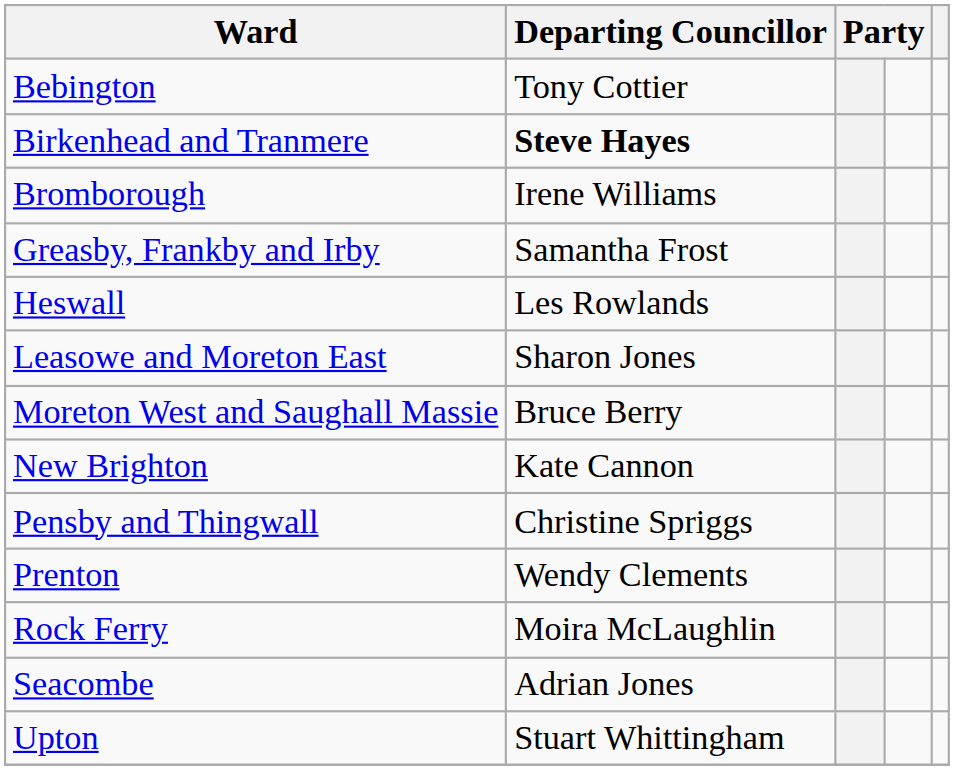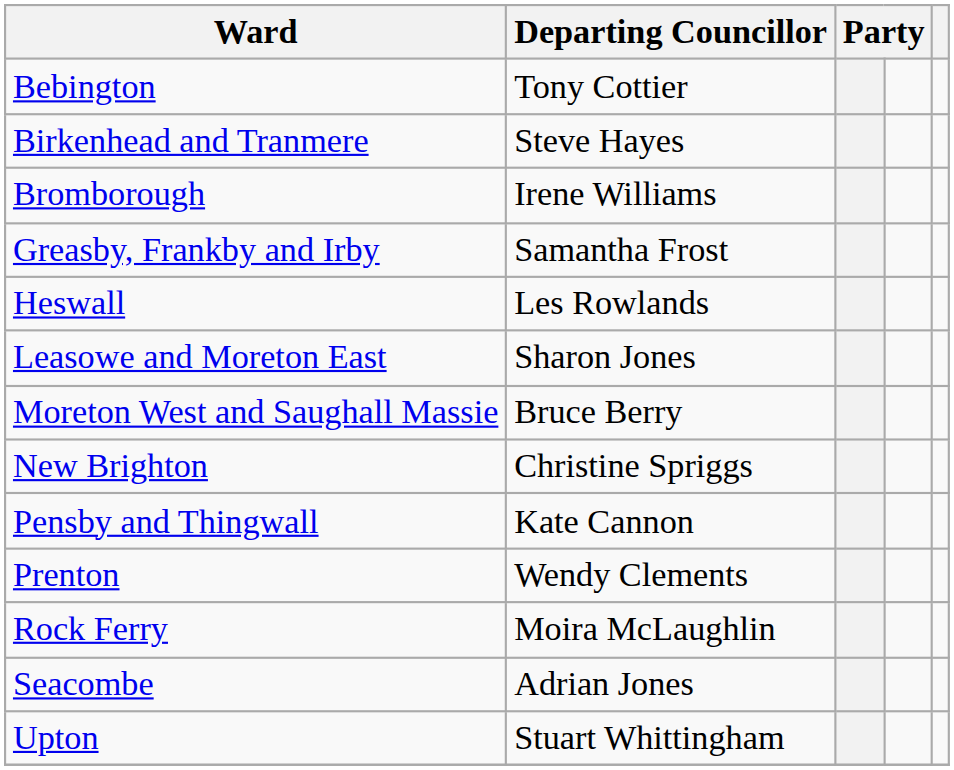 <table class="wikitable sortable">
 <tr>
 <th>Ward</th>
 <th>Departing Councillor</th>
 <th colspan="2">Party</th>
 <th></th>
 </tr>
 <tr>
 <td align="left"><a href='#'>Bebington</a></td>
 <td align="left">Tony Cottier</td>
 <th style="background-color: "></th>
 <td><a href='#'></a></td>
 <td align = center></td>
 </tr>
 <tr>
 <td align="left"><a href='#'>Birkenhead and Tranmere</a></td>
-<td align="left"><strong>Steve Hayes</strong></td>
+<td align="left">Steve Hayes</td>
 <th style="background-color: "></th>
 <td><a href='#'></a> </td>
 <td align = center></td>
 </tr>
 <tr>
 <td align="left"><a href='#'>Bromborough</a></td>
 <td align="left">Irene Williams</td>
 <th style="background-color: "></th>
 <td><a href='#'></a></td>
 <td align = center></td>
 </tr>
 <tr>
 <td align="left"><a href='#'>Greasby, Frankby and Irby</a></td>
 <td align="left">Samantha Frost</td>
 <th style="background-color: "></th>
 <td><a href='#'></a></td>
 <td align = center></td>
 </tr>
 <tr>
 <td align="left"><a href='#'>Heswall</a></td>
 <td align="left">Les Rowlands</td>
 <th style="background-color: "></th>
 <td><a href='#'></a></td>
 <td align = center></td>
 </tr>
 <tr>
 <td align="left"><a href='#'>Leasowe and Moreton East</a></td>
 <td align="left">Sharon Jones</td>
 <th style="background-color: "></th>
 <td><a href='#'></a> </td>
 <td align = center></td>
 </tr>
 <tr>
 <td align="left"><a href='#'>Moreton West and Saughall Massie</a></td>
 <td align="left">Bruce Berry</td>
 <th style="background-color: "></th>
 <td><a href='#'></a></td>
 <td align = center></td>
 </tr>
 <tr>
 <td align="left"><a href='#'>New Brighton</a></td>
-<td align="left">Kate Cannon</td>
+<td align="left">Christine Spriggs</td>
 <th style="background-color: "></th>
 <td><a href='#'></a></td>
 <td align = center></td>
 </tr>
 <tr>
 <td align="left"><a href='#'>Pensby and Thingwall</a></td>
-<td align="left">Christine Spriggs</td>
+<td align="left">Kate Cannon</td>
 <th style="background-color: "></th>
 <td><a href='#'></a></td>
 <td align = center></td>
 </tr>
 <tr>
 <td align="left"><a href='#'>Prenton</a></td>
 <td align="left">Wendy Clements</td>
 <th style="background-color: "></th>
 <td><a href='#'></a></td>
 <td align = center></td>
 </tr>
 <tr>
 <td align="left"><a href='#'>Rock Ferry</a></td>
 <td align="left">Moira McLaughlin</td>
 <th style="background-color: "></th>
 <td><a href='#'></a></td>
 <td align = center></td>
 </tr>
 <tr>
 <td align="left"><a href='#'>Seacombe</a></td>
 <td align="left">Adrian Jones</td>
 <th style="background-color: "></th>
 <td><a href='#'></a></td>
 <td align = center></td>
 </tr>
 <tr>
 <td align="left"><a href='#'>Upton</a></td>
 <td align="left">Stuart Whittingham</td>
 <th style="background-color: "></th>
 <td><a href='#'></a></td>
 <td align = center></td>
 </tr>
 <tr>
 </tr>
 </table>
